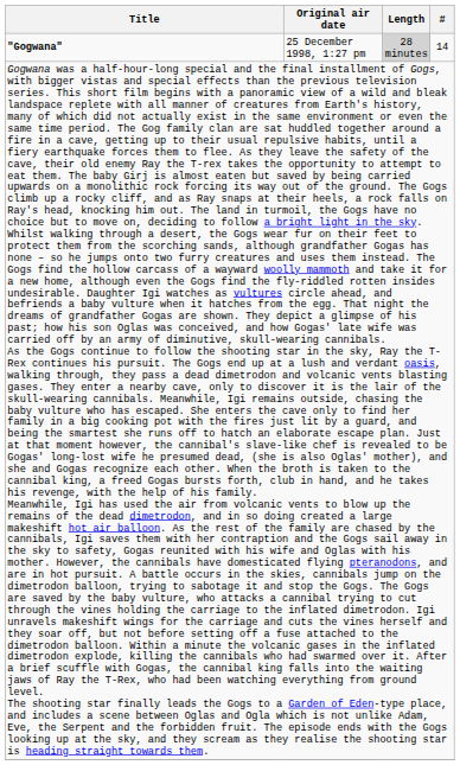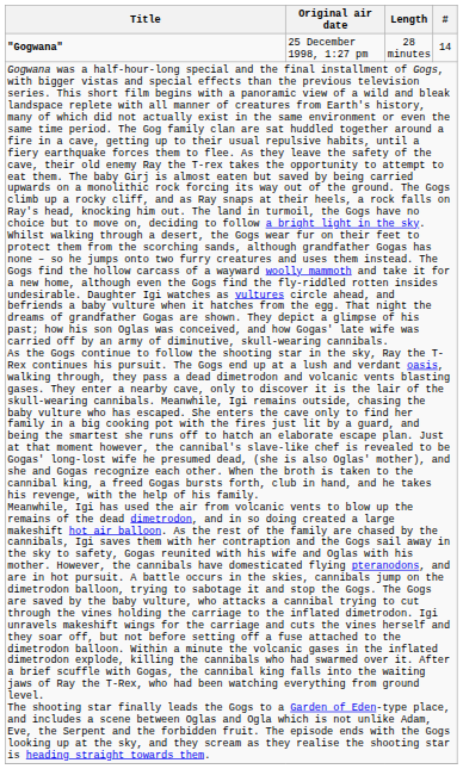 <table class="wikitable">
 <tr>
 <th width="350">Title</th>
 <th width="120">Original air date</th>
 <th width="50">Length</th>
 <th width="25">#</th>
 </tr>
 <tr>
 <td><strong>"Gogwana"</strong></td>
 <td>25 December 1998, 1:27 pm</td>
-<td align="center" style="background: lightgrey;">28 minutes</td>
+<td align="center">28 minutes</td>
 <td align="center">14</td>
 </tr>
 <tr>
 <td colspan="4"><em>Gogwana</em> was a half-hour-long special and the final installment of <em>Gogs</em>, with bigger vistas and special effects than the previous television series. This short film begins with a panoramic view of a wild and bleak landspace replete with all manner of creatures from Earth's history, many of which did not actually exist in the same environment or even the same time period. The Gog family clan are sat huddled together around a fire in a cave, getting up to their usual repulsive habits, until a fiery earthquake forces them to flee. As they leave the safety of the cave, their old enemy Ray the T-rex takes the opportunity to attempt to eat them. The baby Girj is almost eaten but saved by being carried upwards on a monolithic rock forcing its way out of the ground. The Gogs climb up a rocky cliff, and as Ray snaps at their heels, a rock falls on Ray's head, knocking him out. The land in turmoil, the Gogs have no choice but to move on, deciding to follow <a href='#'>a bright light in the sky</a>.<br>Whilst walking through a desert, the Gogs wear fur on their feet to protect them from the scorching sands, although grandfather Gogas has none – so he jumps onto two furry creatures and uses them instead. The Gogs find the hollow carcass of a wayward <a href='#'>woolly mammoth</a> and take it for a new home, although even the Gogs find the fly-riddled rotten insides undesirable. Daughter Igi watches as <a href='#'>vultures</a> circle ahead, and befriends a baby vulture when it hatches from the egg. That night the dreams of grandfather Gogas are shown. They depict a glimpse of his past; how his son Oglas was conceived, and how Gogas' late wife was carried off by an army of diminutive, skull-wearing cannibals.<br>As the Gogs continue to follow the shooting star in the sky, Ray the T-Rex continues his pursuit. The Gogs end up at a lush and verdant <a href='#'>oasis</a>, walking through, they pass a dead dimetrodon and volcanic vents blasting gases. They enter a nearby cave, only to discover it is the lair of the skull-wearing cannibals. Meanwhile, Igi remains outside, chasing the baby vulture who has escaped. She enters the cave only to find her family in a big cooking pot with the fires just lit by a guard, and being the smartest she runs off to hatch an elaborate escape plan. Just at that moment however, the cannibal's slave-like chef is revealed to be Gogas' long-lost wife he presumed dead, (she is also Oglas' mother), and she and Gogas recognize each other. When the broth is taken to the cannibal king, a freed Gogas bursts forth, club in hand, and he takes his revenge, with the help of his family.<br>Meanwhile, Igi has used the air from volcanic vents to blow up the remains of the dead <a href='#'>dimetrodon</a>, and in so doing created a large makeshift <a href='#'>hot air balloon</a>. As the rest of the family are chased by the cannibals, Igi saves them with her contraption and the Gogs sail away in the sky to safety, Gogas reunited with his wife and Oglas with his mother. However, the cannibals have domesticated flying <a href='#'>pteranodons</a>, and are in hot pursuit. A battle occurs in the skies, cannibals jump on the dimetrodon balloon, trying to sabotage it and stop the Gogs. The Gogs are saved by the baby vulture, who attacks a cannibal trying to cut through the vines holding the carriage to the inflated dimetrodon. Igi unravels makeshift wings for the carriage and cuts the vines herself and they soar off, but not before setting off a fuse attached to the dimetrodon balloon. Within a minute the volcanic gases in the inflated dimetrodon explode, killing the cannibals who had swarmed over it. After a brief scuffle with Gogas, the cannibal king falls into the waiting jaws of Ray the T-Rex, who had been watching everything from ground level.<br>The shooting star finally leads the Gogs to a <a href='#'>Garden of Eden</a>-type place, and includes a scene between Oglas and Ogla which is not unlike Adam, Eve, the Serpent and the forbidden fruit. The episode ends with the Gogs looking up at the sky, and they scream as they realise the shooting star is <a href='#'>heading straight towards them</a>.</td>
 </tr>
 <tr>
 </tr>
 </table>
